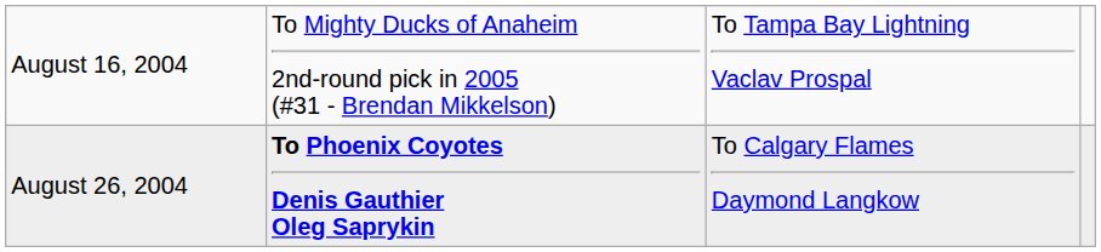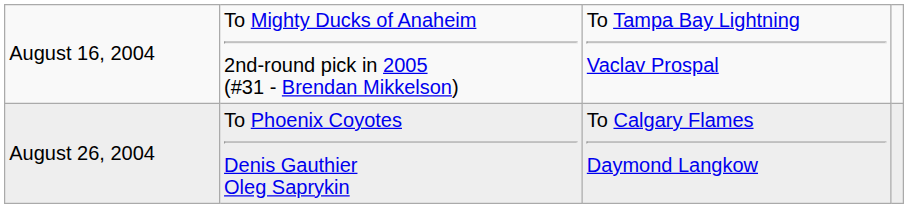 <table cellspacing=0 class="wikitable" style="border:1px solid #999999; width:720px;">
 <tr>
 <td>August 16, 2004</td>
 <td valign="top">To <a href='#'>Mighty Ducks of Anaheim</a><hr>2nd-round pick  in <a href='#'>2005</a><br>(#31 - <a href='#'>Brendan Mikkelson</a>)</td>
 <td valign="top">To <a href='#'>Tampa Bay Lightning</a><hr><a href='#'>Vaclav Prospal</a></td>
 <td></td>
 </tr>
 <tr bgcolor="#eeeeee">
 <td>August 26, 2004</td>
-<td valign="top"><strong>To <a href='#'>Phoenix Coyotes</a><hr><a href='#'>Denis Gauthier</a><br><a href='#'>Oleg Saprykin</a></strong></td>
+<td valign="top">To <a href='#'>Phoenix Coyotes</a><hr><a href='#'>Denis Gauthier</a><br><a href='#'>Oleg Saprykin</a></td>
 <td valign="top">To <a href='#'>Calgary Flames</a><hr><a href='#'>Daymond Langkow</a></td>
 <td></td>
 </tr>
 </table>
